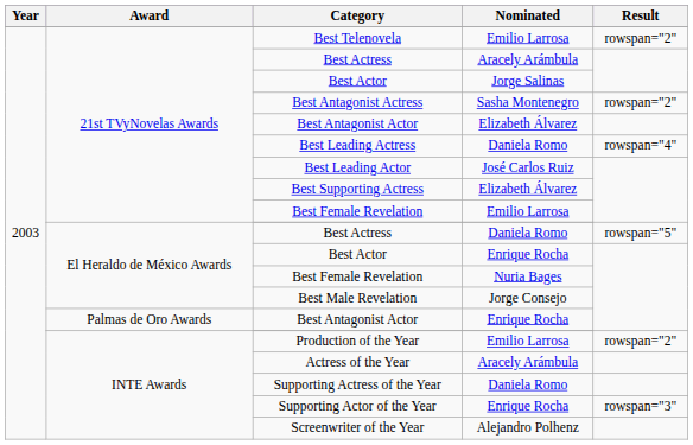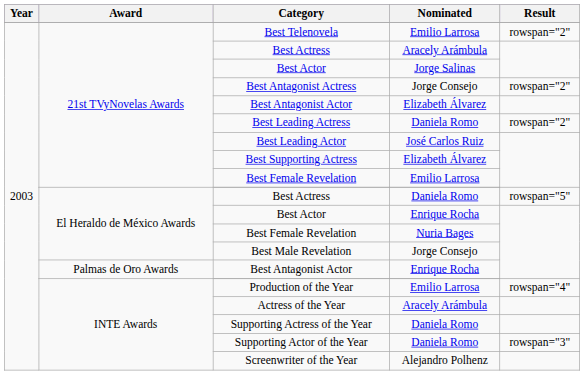 <table class="wikitable" width=800px>
 <tr style="background:#96c; text-align:center;">
 <th>Year</th>
 <th>Award</th>
 <th>Category</th>
 <th>Nominated</th>
 <th>Result</th>
 </tr>
 <tr>
 </tr>
 <tr style="text-align: center;">
 <td style="text-align: center; top" rowspan="26">2003</td>
 <td style="text-align: center; top" rowspan="10"><a href='#'>21st TVyNovelas Awards</a></td>
 </tr>
 <tr style="text-align: center; top">
 <td><a href='#'>Best Telenovela</a></td>
 <td><a href='#'>Emilio Larrosa</a></td>
 <td>rowspan="2" </td>
 </tr>
 <tr style="text-align: center; top">
 <td><a href='#'>Best Actress</a></td>
 <td><a href='#'>Aracely Arámbula</a></td>
 </tr>
 <tr style="text-align: center; top">
 <td><a href='#'>Best Actor</a></td>
 <td><a href='#'>Jorge Salinas</a></td>
 </tr>
 <tr style="text-align: center; top">
 <td><a href='#'>Best Antagonist Actress</a></td>
-<td><a href='#'>Sasha Montenegro</a></td>
+<td>Jorge Consejo</td>
 <td>rowspan="2" </td>
 </tr>
 <tr style="text-align: center; top">
 <td><a href='#'>Best Antagonist Actor</a></td>
 <td><a href='#'>Elizabeth Álvarez</a></td>
 </tr>
 <tr style="text-align: center; top">
 <td><a href='#'>Best Leading Actress</a></td>
 <td><a href='#'>Daniela Romo</a></td>
-<td>rowspan="4" </td>
+<td>rowspan="2" </td>
 </tr>
 <tr style="text-align: center; top">
 <td><a href='#'>Best Leading Actor</a></td>
 <td><a href='#'>José Carlos Ruiz</a></td>
 </tr>
 <tr style="text-align: center; top">
 <td><a href='#'>Best Supporting Actress</a></td>
 <td><a href='#'>Elizabeth Álvarez</a></td>
 </tr>
 <tr style="text-align: center; top">
 <td><a href='#'>Best Female Revelation</a></td>
 <td><a href='#'>Emilio Larrosa</a></td>
 </tr>
 <tr style="text-align: center;">
 <td style="text-align: center; top" rowspan="5">El Heraldo de México Awards</td>
 </tr>
 <tr style="text-align: center; top">
 <td>Best Actress</td>
 <td><a href='#'>Daniela Romo</a></td>
 <td>rowspan="5" </td>
 </tr>
 <tr style="text-align: center; top">
 <td>Best Actor</td>
 <td><a href='#'>Enrique Rocha</a></td>
 </tr>
 <tr style="text-align: center; top">
 <td>Best Female Revelation</td>
 <td><a href='#'>Nuria Bages</a></td>
 </tr>
 <tr style="text-align: center; top">
 <td>Best Male Revelation</td>
 <td>Jorge Consejo</td>
 </tr>
 <tr style="text-align: center;">
 <td>Palmas de Oro Awards</td>
 <td>Best Antagonist Actor</td>
 <td><a href='#'>Enrique Rocha</a></td>
 </tr>
 <tr style="text-align: center;">
 <td style="text-align: center; top" rowspan="6">INTE Awards</td>
 </tr>
 <tr style="text-align: center; top">
 <td>Production of the Year</td>
 <td><a href='#'>Emilio Larrosa</a></td>
-<td>rowspan="2" </td>
+<td>rowspan="4" </td>
 </tr>
 <tr style="text-align: center; top">
 <td>Actress of the Year</td>
 <td><a href='#'>Aracely Arámbula</a></td>
 </tr>
 <tr style="text-align: center; top">
 <td>Supporting Actress of the Year</td>
 <td><a href='#'>Daniela Romo</a></td>
 <td></td>
 </tr>
 <tr style="text-align: center; top">
 <td>Supporting Actor of the Year</td>
-<td><a href='#'>Enrique Rocha</a></td>
+<td><a href='#'>Daniela Romo</a></td>
 <td>rowspan="3" </td>
 </tr>
 <tr style="text-align: center; top">
 <td>Screenwriter of the Year</td>
 <td>Alejandro Polhenz</td>
 </tr>
 </table>
